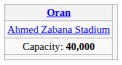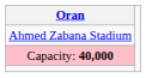 <table class="wikitable" style="text-align:center; margin:1em auto;">
 <tr>
 <th><a href='#'>Oran</a></th>
 <td rowspan="4"></td>
 </tr>
 <tr>
 <td><a href='#'>Ahmed Zabana Stadium</a></td>
 </tr>
 <tr>
-<td>Capacity: <strong>40,000</strong></td>
+<td style="background: pink;">Capacity: <strong>40,000</strong></td>
 </tr>
 <tr>
 <td></td>
 </tr>
 </table>
